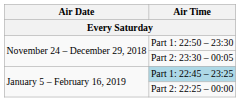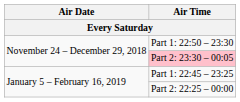 <table class="wikitable">
 <tr>
 <th>Air Date</th>
 <th>Air Time</th>
 </tr>
 <tr>
 <th colspan="2">Every Saturday</th>
 </tr>
 <tr>
 <td rowspan="2">November 24 – December 29, 2018</td>
 <td>Part 1: 22:50 – 23:30</td>
 </tr>
 <tr>
-<td>Part 2: 23:30 – 00:05</td>
+<td style="background: pink;">Part 2: 23:30 – 00:05</td>
 </tr>
 <tr>
 <td rowspan="2">January 5 – February 16, 2019</td>
-<td style="background: lightblue;">Part 1: 22:45 – 23:25</td>
+<td>Part 1: 22:45 – 23:25</td>
 </tr>
 <tr>
 <td>Part 2: 22:25 – 00:00</td>
 </tr>
 </table>
